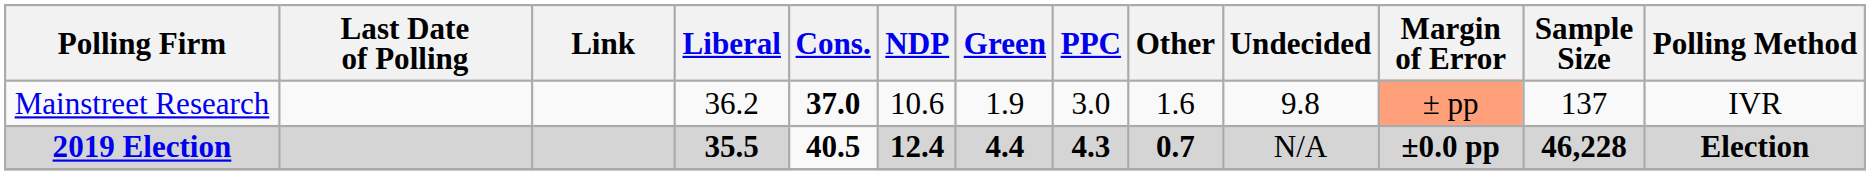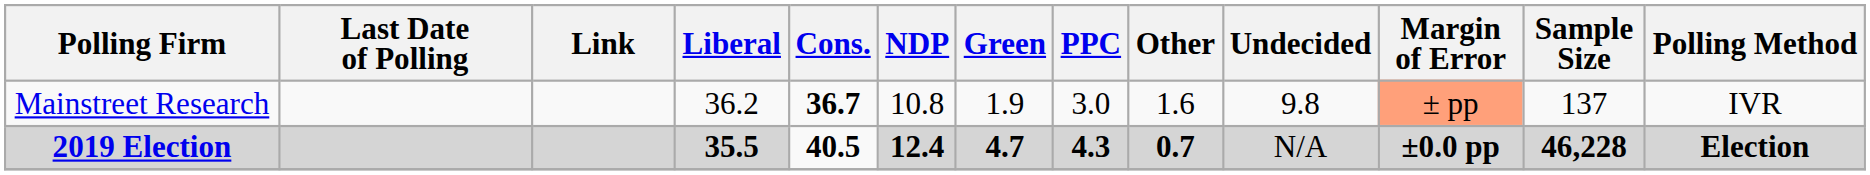 <table class="wikitable sortable" style="text-align:center;font-size:90%;line-height:14px;">
 <tr style="background:#e9e9e9;">
 <th style="width:120px">Polling Firm</th>
 <th style="width:110px">Last Date<br>of Polling</th>
 <th style="width:60px" class="unsortable">Link</th>
 <th style="background-color:"><a href='#'>Liberal</a></th>
 <th style="background-color:"><a href='#'>Cons.</a></th>
 <th style="background-color:"><a href='#'>NDP</a></th>
 <th style="background-color:"><a href='#'>Green</a></th>
 <th style="background-color:"><a href='#'><span>PPC</span></a></th>
 <th style="background-color:">Other</th>
 <th style="background-color:">Undecided</th>
 <th style="width:60px;" class=unsortable>Margin<br>of Error</th>
 <th style="width:50px;" class=unsortable>Sample<br>Size</th>
 <th class=unsortable>Polling Method</th>
 </tr>
 <tr>
 <td><a href='#'>Mainstreet Research</a></td>
 <td></td>
 <td></td>
 <td>36.2</td>
-<td><strong>37.0</strong></td>
-<td>10.6</td>
+<td><strong>36.7</strong></td>
+<td>10.8</td>
 <td>1.9</td>
 <td>3.0</td>
 <td>1.6</td>
 <td>9.8</td>
 <td style="background: lightsalmon;">± pp</td>
 <td>137</td>
 <td>IVR</td>
 </tr>
 <tr>
 <td style="background:#D5D5D5"><strong><a href='#'>2019 Election</a></strong></td>
 <td style="background:#D5D5D5"><strong></strong></td>
 <td style="background:#D5D5D5"></td>
 <td style="background:#D5D5D5"><strong>35.5</strong></td>
 <td><strong>40.5</strong></td>
 <td style="background:#D5D5D5"><strong>12.4</strong></td>
-<td style="background:#D5D5D5"><strong>4.4</strong></td>
+<td style="background:#D5D5D5"><strong>4.7</strong></td>
 <td style="background:#D5D5D5"><strong>4.3</strong></td>
 <td style="background:#D5D5D5"><strong>0.7</strong></td>
 <td style="background:#D5D5D5">N/A</td>
 <td style="background:#D5D5D5"><strong>±0.0 pp</strong></td>
 <td style="background:#D5D5D5"><strong>46,228</strong></td>
 <td style="background:#D5D5D5"><strong>Election</strong></td>
 </tr>
 <tr>
 </tr>
 </table>
